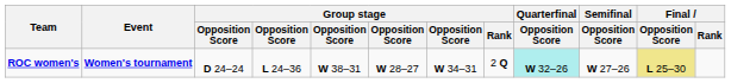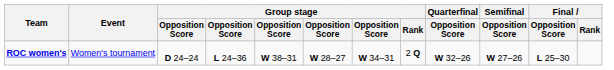 <table class="wikitable" style="text-align:center; font-size:90%">
 <tr>
 <th rowspan=2>Team</th>
 <th rowspan=2>Event</th>
 <th colspan=6>Group stage</th>
 <th>Quarterfinal</th>
 <th>Semifinal</th>
 <th colspan=2>Final / </th>
 </tr>
 <tr style="font-size:95%">
 <th>Opposition<br>Score</th>
 <th>Opposition<br>Score</th>
 <th>Opposition<br>Score</th>
 <th>Opposition<br>Score</th>
 <th>Opposition<br>Score</th>
 <th>Rank</th>
 <th>Opposition<br>Score</th>
 <th>Opposition<br>Score</th>
 <th>Opposition<br>Score</th>
 <th>Rank</th>
 </tr>
 <tr>
 <td align=left><strong><a href='#'>ROC women's</a></strong></td>
-<td align=left><strong><a href='#'>Women's tournament</a></strong></td>
+<td align=left><a href='#'>Women's tournament</a></td>
 <td><br><strong>D</strong> 24–24</td>
 <td><br><strong>L</strong> 24–36</td>
 <td><br><strong>W</strong> 38–31</td>
 <td><br><strong>W</strong> 28–27</td>
 <td><br><strong>W</strong> 34–31</td>
 <td>2 <strong>Q</strong></td>
-<td style="background: paleturquoise;"><br><strong>W</strong> 32–26</td>
+<td><br><strong>W</strong> 32–26</td>
 <td><br><strong>W</strong> 27–26</td>
-<td style="background: khaki;"><br><strong>L</strong> 25–30</td>
+<td><br><strong>L</strong> 25–30</td>
 <td></td>
 </tr>
 </table>
